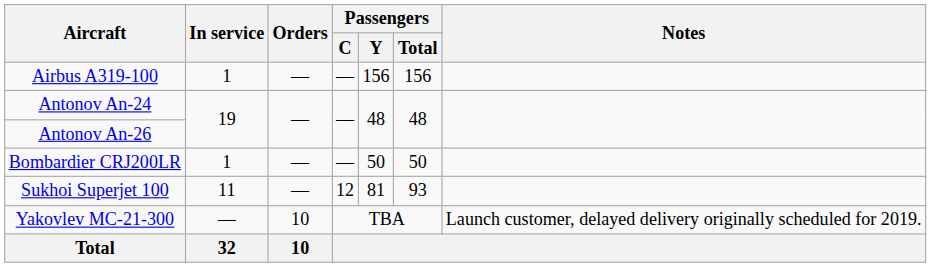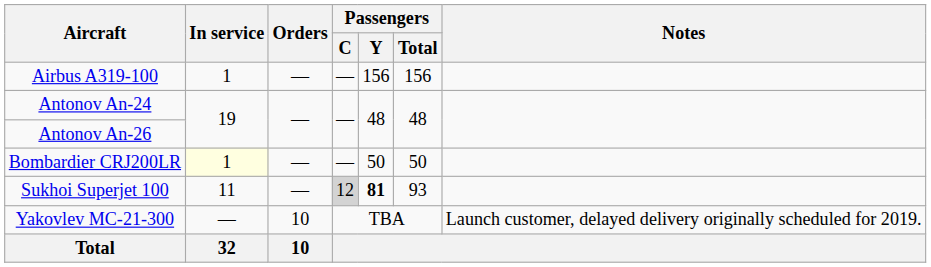 <table class="wikitable" style="border-collapse:collapse;text-align:center;margin:auto;">
 <tr>
 <th rowspan="2">Aircraft</th>
 <th rowspan="2">In service</th>
 <th rowspan="2">Orders</th>
 <th colspan="3">Passengers</th>
 <th rowspan="2">Notes</th>
 </tr>
 <tr>
 <th><abbr>C</abbr></th>
 <th><abbr>Y</abbr></th>
 <th>Total</th>
 </tr>
 <tr>
 <td><a href='#'>Airbus A319-100</a></td>
 <td>1</td>
 <td>—</td>
 <td>—</td>
 <td>156</td>
 <td>156</td>
 <td></td>
 </tr>
 <tr>
 <td><a href='#'>Antonov An-24</a></td>
 <td rowspan="2">19</td>
 <td rowspan="2">—</td>
 <td rowspan="2">—</td>
 <td rowspan="2">48</td>
 <td rowspan="2">48</td>
 <td rowspan="2"></td>
 </tr>
 <tr>
 <td><a href='#'>Antonov An-26</a></td>
 </tr>
 <tr>
 <td><a href='#'>Bombardier CRJ200LR</a></td>
-<td>1</td>
+<td style="background: lightyellow;">1</td>
 <td>—</td>
 <td>—</td>
 <td>50</td>
 <td>50</td>
 <td></td>
 </tr>
 <tr>
 <td><a href='#'>Sukhoi Superjet 100</a></td>
 <td>11</td>
 <td>—</td>
-<td>12</td>
-<td>81</td>
+<td style="background: lightgrey;">12</td>
+<td><strong>81</strong></td>
 <td>93</td>
 <td></td>
 </tr>
 <tr>
 <td><a href='#'>Yakovlev MC-21-300</a></td>
 <td>—</td>
 <td>10</td>
 <td colspan="3">TBA</td>
 <td>Launch customer, delayed delivery originally scheduled for 2019.<br></td>
 </tr>
 <tr>
 <th>Total</th>
 <th>32</th>
 <th>10</th>
 <th colspan="4"></th>
 </tr>
 </table>
